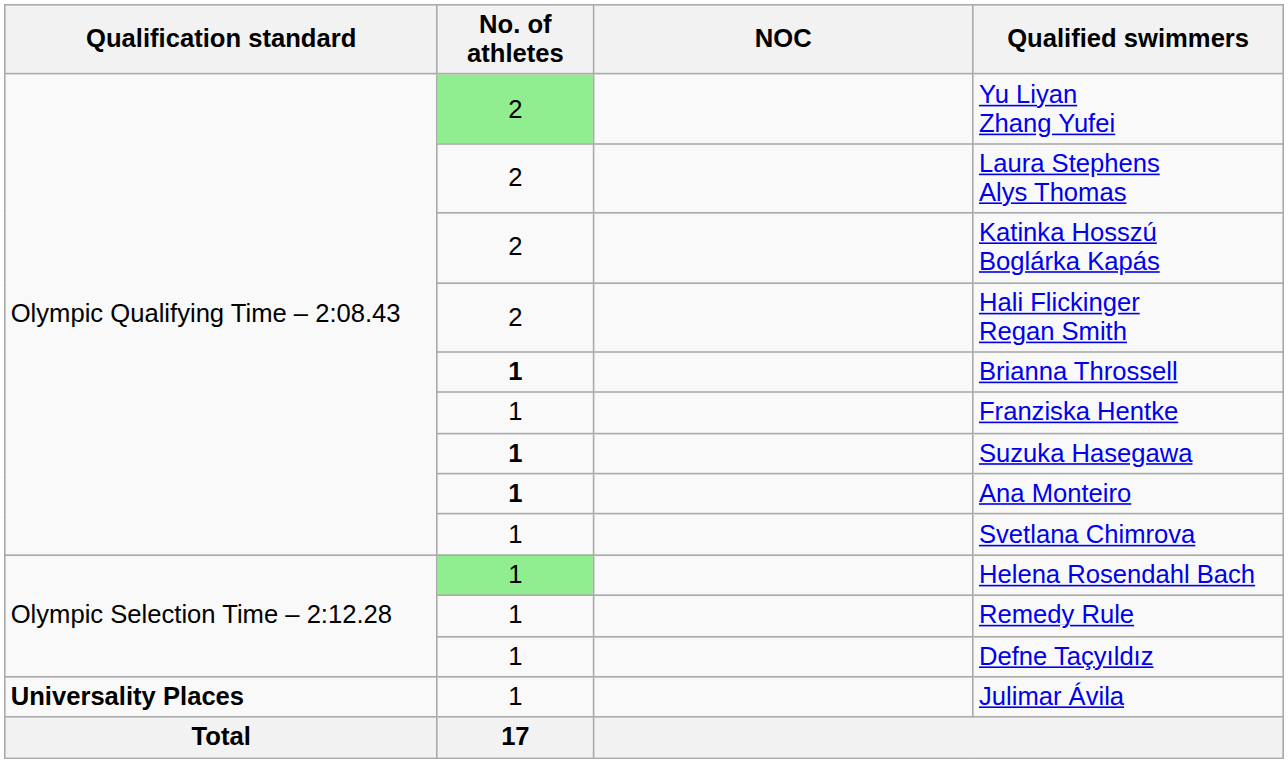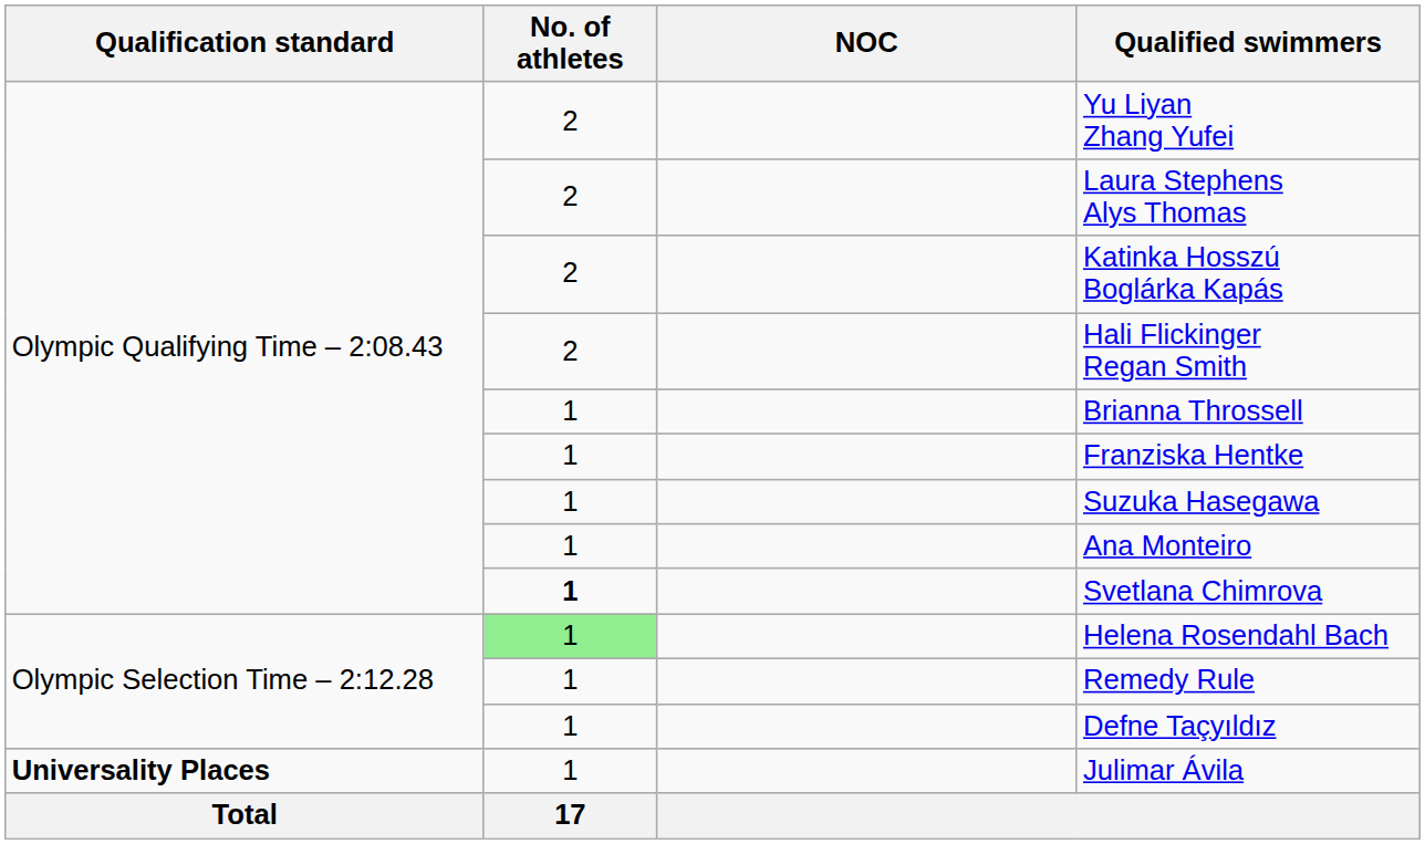 <table class=wikitable style="text-align:left" width=800>
 <tr>
 <th>Qualification standard</th>
 <th width=90>No. of athletes</th>
 <th width=230>NOC</th>
 <th>Qualified swimmers</th>
 </tr>
 <tr>
 <td rowspan=9>Olympic Qualifying Time – 2:08.43</td>
-<td align=center style="background: lightgreen;">2</td>
+<td align=center>2</td>
 <td></td>
 <td><a href='#'>Yu Liyan</a><br><a href='#'>Zhang Yufei</a></td>
 </tr>
 <tr>
 <td align=center>2</td>
 <td></td>
 <td><a href='#'>Laura Stephens</a><br><a href='#'>Alys Thomas</a></td>
 </tr>
 <tr>
 <td align=center>2</td>
 <td></td>
 <td><a href='#'>Katinka Hosszú</a><br><a href='#'>Boglárka Kapás</a></td>
 </tr>
 <tr>
 <td align=center>2</td>
 <td></td>
 <td><a href='#'>Hali Flickinger</a><br><a href='#'>Regan Smith</a></td>
 </tr>
 <tr>
-<td align=center><strong>1</strong></td>
+<td align=center>1</td>
 <td></td>
 <td><a href='#'>Brianna Throssell</a></td>
 </tr>
 <tr>
 <td align=center>1</td>
 <td></td>
 <td><a href='#'>Franziska Hentke</a></td>
 </tr>
 <tr>
-<td align=center><strong>1</strong></td>
+<td align=center>1</td>
 <td></td>
 <td><a href='#'>Suzuka Hasegawa</a></td>
 </tr>
 <tr>
-<td align=center><strong>1</strong></td>
+<td align=center>1</td>
 <td></td>
 <td><a href='#'>Ana Monteiro</a></td>
 </tr>
 <tr>
-<td align=center>1</td>
+<td align=center><strong>1</strong></td>
 <td></td>
 <td><a href='#'>Svetlana Chimrova</a></td>
 </tr>
 <tr>
 <td rowspan=3>Olympic Selection Time – 2:12.28</td>
 <td align=center style="background: lightgreen;">1</td>
 <td></td>
 <td><a href='#'>Helena Rosendahl Bach</a></td>
 </tr>
 <tr>
 <td align=center>1</td>
 <td></td>
 <td><a href='#'>Remedy Rule</a></td>
 </tr>
 <tr>
 <td align=center>1</td>
 <td></td>
 <td><a href='#'>Defne Taçyıldız</a></td>
 </tr>
 <tr>
 <td><strong>Universality Places</strong></td>
 <td align=center>1</td>
 <td></td>
 <td><a href='#'>Julimar Ávila</a></td>
 </tr>
 <tr>
 <th><strong>Total</strong></th>
 <th>17</th>
 <th colspan=2></th>
 </tr>
 </table>
